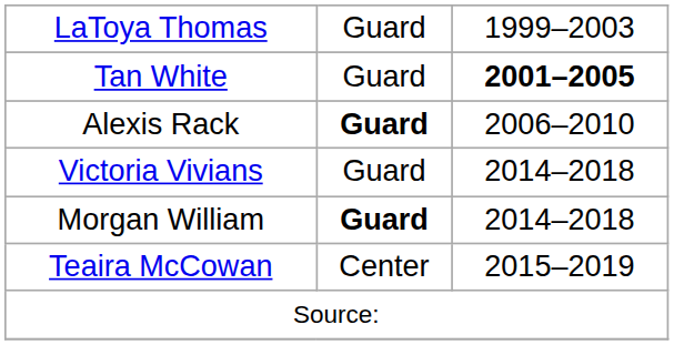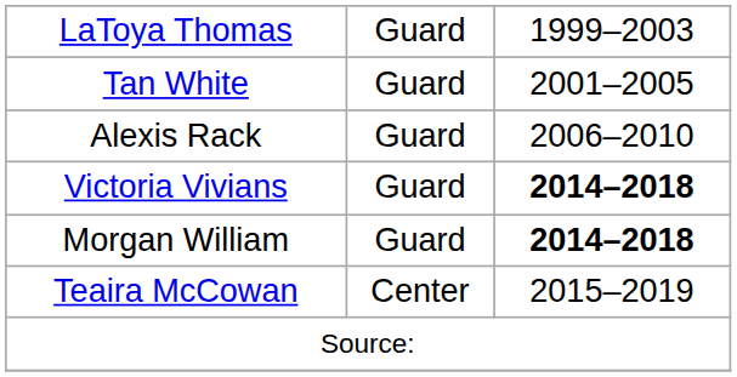 <table class="wikitable" style="background:white; min-width:40%">
 <tr align="center">
 <td><a href='#'>LaToya Thomas</a></td>
 <td>Guard</td>
 <td>1999–2003</td>
 </tr>
 <tr align="center">
 <td><a href='#'>Tan White</a></td>
 <td>Guard</td>
-<td><strong>2001–2005</strong></td>
+<td>2001–2005</td>
 </tr>
 <tr align="center">
 <td>Alexis Rack</td>
-<td><strong>Guard</strong></td>
+<td>Guard</td>
 <td>2006–2010</td>
 </tr>
 <tr align="center">
 <td><a href='#'>Victoria Vivians</a></td>
 <td>Guard</td>
-<td>2014–2018</td>
+<td><strong>2014–2018</strong></td>
 </tr>
 <tr align="center">
 <td>Morgan William</td>
-<td><strong>Guard</strong></td>
-<td>2014–2018</td>
+<td>Guard</td>
+<td><strong>2014–2018</strong></td>
 </tr>
 <tr align="center">
 <td><a href='#'>Teaira McCowan</a></td>
 <td>Center</td>
 <td>2015–2019</td>
 </tr>
 <tr align="center">
 <td colspan=4><small>Source:  </small></td>
 </tr>
 <tr>
 </tr>
 </table>
